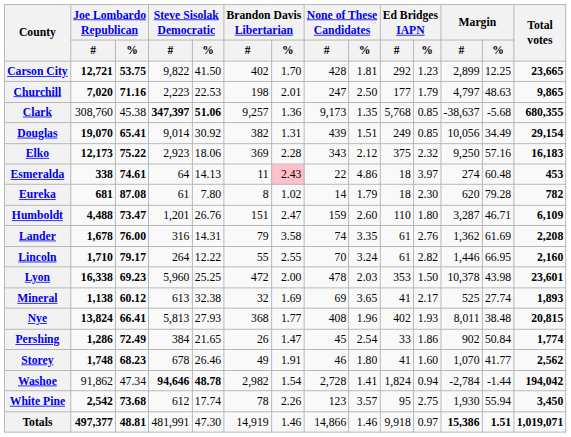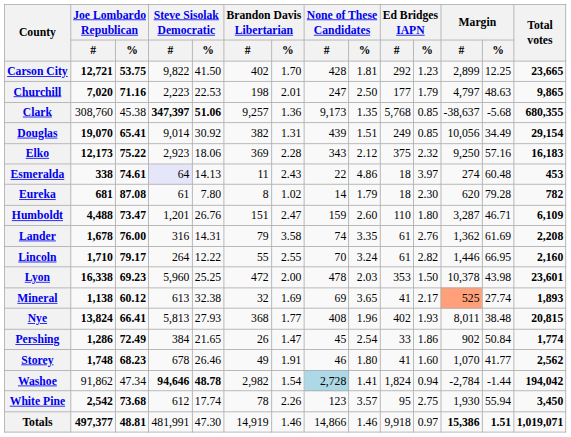 <table class="wikitable sortable" style="text-align:right;font-size:90%;line-height:1.3">
 <tr>
 <th rowspan=2>County</th>
 <th colspan=2><a href='#'>Joe Lombardo</a><br><a href='#'>Republican</a></th>
 <th colspan=2><a href='#'>Steve Sisolak</a><br><a href='#'>Democratic</a></th>
 <th colspan=2>Brandon Davis<br><a href='#'>Libertarian</a></th>
 <th colspan=2><a href='#'>None of These<br>Candidates</a></th>
 <th colspan=2>Ed Bridges<br><a href='#'>IAPN</a></th>
 <th colspan=2>Margin</th>
 <th rowspan=2>Total<br>votes</th>
 </tr>
 <tr>
 <th data-sort-type="number">#</th>
 <th data-sort-type="number">%</th>
 <th data-sort-type="number">#</th>
 <th data-sort-type="number">%</th>
 <th data-sort-type="number">#</th>
 <th data-sort-type="number">%</th>
 <th data-sort-type="number">#</th>
 <th data-sort-type="number">%</th>
 <th data-sort-type="number">#</th>
 <th data-sort-type="number">%</th>
 <th data-sort-type="number">#</th>
 <th data-sort-type="number">%</th>
 </tr>
 <tr>
 <th><a href='#'>Carson City</a></th>
 <td><strong>12,721</strong></td>
 <td><strong>53.75</strong></td>
 <td>9,822</td>
 <td>41.50</td>
 <td>402</td>
 <td>1.70</td>
 <td>428</td>
 <td>1.81</td>
 <td>292</td>
 <td>1.23</td>
 <td>2,899</td>
 <td>12.25</td>
 <td><strong>23,665</strong></td>
 </tr>
 <tr>
 <th><a href='#'>Churchill</a></th>
 <td><strong>7,020</strong></td>
 <td><strong>71.16</strong></td>
 <td>2,223</td>
 <td>22.53</td>
 <td>198</td>
 <td>2.01</td>
 <td>247</td>
 <td>2.50</td>
 <td>177</td>
 <td>1.79</td>
 <td>4,797</td>
 <td>48.63</td>
 <td><strong>9,865</strong></td>
 </tr>
 <tr>
 <th><a href='#'>Clark</a></th>
 <td>308,760</td>
 <td>45.38</td>
 <td><strong>347,397</strong></td>
 <td><strong>51.06</strong></td>
 <td>9,257</td>
 <td>1.36</td>
 <td>9,173</td>
 <td>1.35</td>
 <td>5,768</td>
 <td>0.85</td>
 <td>-38,637</td>
 <td>-5.68</td>
 <td><strong>680,355</strong></td>
 </tr>
 <tr>
 <th><a href='#'>Douglas</a></th>
 <td><strong>19,070</strong></td>
 <td><strong>65.41</strong></td>
 <td>9,014</td>
 <td>30.92</td>
 <td>382</td>
 <td>1.31</td>
 <td>439</td>
 <td>1.51</td>
 <td>249</td>
 <td>0.85</td>
 <td>10,056</td>
 <td>34.49</td>
 <td><strong>29,154</strong></td>
 </tr>
 <tr>
 <th><a href='#'>Elko</a></th>
 <td><strong>12,173</strong></td>
 <td><strong>75.22</strong></td>
 <td>2,923</td>
 <td>18.06</td>
 <td>369</td>
 <td>2.28</td>
 <td>343</td>
 <td>2.12</td>
 <td>375</td>
 <td>2.32</td>
 <td>9,250</td>
 <td>57.16</td>
 <td><strong>16,183</strong></td>
 </tr>
 <tr>
 <th><a href='#'>Esmeralda</a></th>
 <td><strong>338</strong></td>
 <td><strong>74.61</strong></td>
-<td>64</td>
+<td style="background: lavender;">64</td>
 <td>14.13</td>
 <td>11</td>
-<td style="background: pink;">2.43</td>
+<td>2.43</td>
 <td>22</td>
 <td>4.86</td>
 <td>18</td>
 <td>3.97</td>
 <td>274</td>
 <td>60.48</td>
 <td><strong>453</strong></td>
 </tr>
 <tr>
 <th><a href='#'>Eureka</a></th>
 <td><strong>681</strong></td>
 <td><strong>87.08</strong></td>
 <td>61</td>
 <td>7.80</td>
 <td>8</td>
 <td>1.02</td>
 <td>14</td>
 <td>1.79</td>
 <td>18</td>
 <td>2.30</td>
 <td>620</td>
 <td>79.28</td>
 <td><strong>782</strong></td>
 </tr>
 <tr>
 <th><a href='#'>Humboldt</a></th>
 <td><strong>4,488</strong></td>
 <td><strong>73.47</strong></td>
 <td>1,201</td>
 <td>26.76</td>
 <td>151</td>
 <td>2.47</td>
 <td>159</td>
 <td>2.60</td>
 <td>110</td>
 <td>1.80</td>
 <td>3,287</td>
 <td>46.71</td>
 <td><strong>6,109</strong></td>
 </tr>
 <tr>
 <th><a href='#'>Lander</a></th>
 <td><strong>1,678</strong></td>
 <td><strong>76.00</strong></td>
 <td>316</td>
 <td>14.31</td>
 <td>79</td>
 <td>3.58</td>
 <td>74</td>
 <td>3.35</td>
 <td>61</td>
 <td>2.76</td>
 <td>1,362</td>
 <td>61.69</td>
 <td><strong>2,208</strong></td>
 </tr>
 <tr>
 <th><a href='#'>Lincoln</a></th>
 <td><strong>1,710</strong></td>
 <td><strong>79.17</strong></td>
 <td>264</td>
 <td>12.22</td>
 <td>55</td>
 <td>2.55</td>
 <td>70</td>
 <td>3.24</td>
 <td>61</td>
 <td>2.82</td>
 <td>1,446</td>
 <td>66.95</td>
 <td><strong>2,160</strong></td>
 </tr>
 <tr>
 <th><a href='#'>Lyon</a></th>
 <td><strong>16,338</strong></td>
 <td><strong>69.23</strong></td>
 <td>5,960</td>
 <td>25.25</td>
 <td>472</td>
 <td>2.00</td>
 <td>478</td>
 <td>2.03</td>
 <td>353</td>
 <td>1.50</td>
 <td>10,378</td>
 <td>43.98</td>
 <td><strong>23,601</strong></td>
 </tr>
 <tr>
 <th><a href='#'>Mineral</a></th>
 <td><strong>1,138</strong></td>
 <td><strong>60.12</strong></td>
 <td>613</td>
 <td>32.38</td>
 <td>32</td>
 <td>1.69</td>
 <td>69</td>
 <td>3.65</td>
 <td>41</td>
 <td>2.17</td>
-<td>525</td>
+<td style="background: lightsalmon;">525</td>
 <td>27.74</td>
 <td><strong>1,893</strong></td>
 </tr>
 <tr>
 <th><a href='#'>Nye</a></th>
 <td><strong>13,824</strong></td>
 <td><strong>66.41</strong></td>
 <td>5,813</td>
 <td>27.93</td>
 <td>368</td>
 <td>1.77</td>
 <td>408</td>
 <td>1.96</td>
 <td>402</td>
 <td>1.93</td>
 <td>8,011</td>
 <td>38.48</td>
 <td><strong>20,815</strong></td>
 </tr>
 <tr>
 <th><a href='#'>Pershing</a></th>
 <td><strong>1,286</strong></td>
 <td><strong>72.49</strong></td>
 <td>384</td>
 <td>21.65</td>
 <td>26</td>
 <td>1.47</td>
 <td>45</td>
 <td>2.54</td>
 <td>33</td>
 <td>1.86</td>
 <td>902</td>
 <td>50.84</td>
 <td><strong>1,774</strong></td>
 </tr>
 <tr>
 <th><a href='#'>Storey</a></th>
 <td><strong>1,748</strong></td>
 <td><strong>68.23</strong></td>
 <td>678</td>
 <td>26.46</td>
 <td>49</td>
 <td>1.91</td>
 <td>46</td>
 <td>1.80</td>
 <td>41</td>
 <td>1.60</td>
 <td>1,070</td>
 <td>41.77</td>
 <td><strong>2,562</strong></td>
 </tr>
 <tr>
 <th><a href='#'>Washoe</a></th>
 <td>91,862</td>
 <td>47.34</td>
 <td><strong>94,646</strong></td>
 <td><strong>48.78</strong></td>
 <td>2,982</td>
 <td>1.54</td>
-<td>2,728</td>
+<td style="background: lightblue;">2,728</td>
 <td>1.41</td>
 <td>1,824</td>
 <td>0.94</td>
 <td>-2,784</td>
 <td>-1.44</td>
 <td><strong>194,042</strong></td>
 </tr>
 <tr>
 <th><a href='#'>White Pine</a></th>
 <td><strong>2,542</strong></td>
 <td><strong>73.68</strong></td>
 <td>612</td>
 <td>17.74</td>
 <td>78</td>
 <td>2.26</td>
 <td>123</td>
 <td>3.57</td>
 <td>95</td>
 <td>2.75</td>
 <td>1,930</td>
 <td>55.94</td>
 <td><strong>3,450</strong></td>
 </tr>
 <tr class="sortbottom">
 <th>Totals</th>
 <td><strong>497,377</strong></td>
 <td><strong>48.81</strong></td>
 <td>481,991</td>
 <td>47.30</td>
 <td>14,919</td>
 <td>1.46</td>
 <td>14,866</td>
 <td>1.46</td>
 <td>9,918</td>
 <td>0.97</td>
 <td><strong>15,386</strong></td>
 <td><strong>1.51</strong></td>
 <td><strong>1,019,071</strong></td>
 </tr>
 </table>
